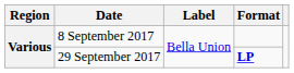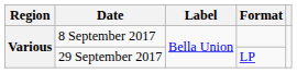 <table class="wikitable plainrowheaders">
 <tr>
 <th scope="col">Region</th>
 <th scope="col">Date</th>
 <th scope="col">Label</th>
 <th scope="col">Format</th>
 <th scope="col"></th>
 </tr>
 <tr>
 <th scope="row" rowspan="2">Various</th>
 <td>8 September 2017</td>
 <td rowspan="2"><a href='#'>Bella Union</a></td>
 <td></td>
 <td rowspan="2"></td>
 </tr>
 <tr>
 <td>29 September 2017</td>
-<td><strong><a href='#'>LP</a></strong></td>
+<td><a href='#'>LP</a></td>
 </tr>
 </table>
